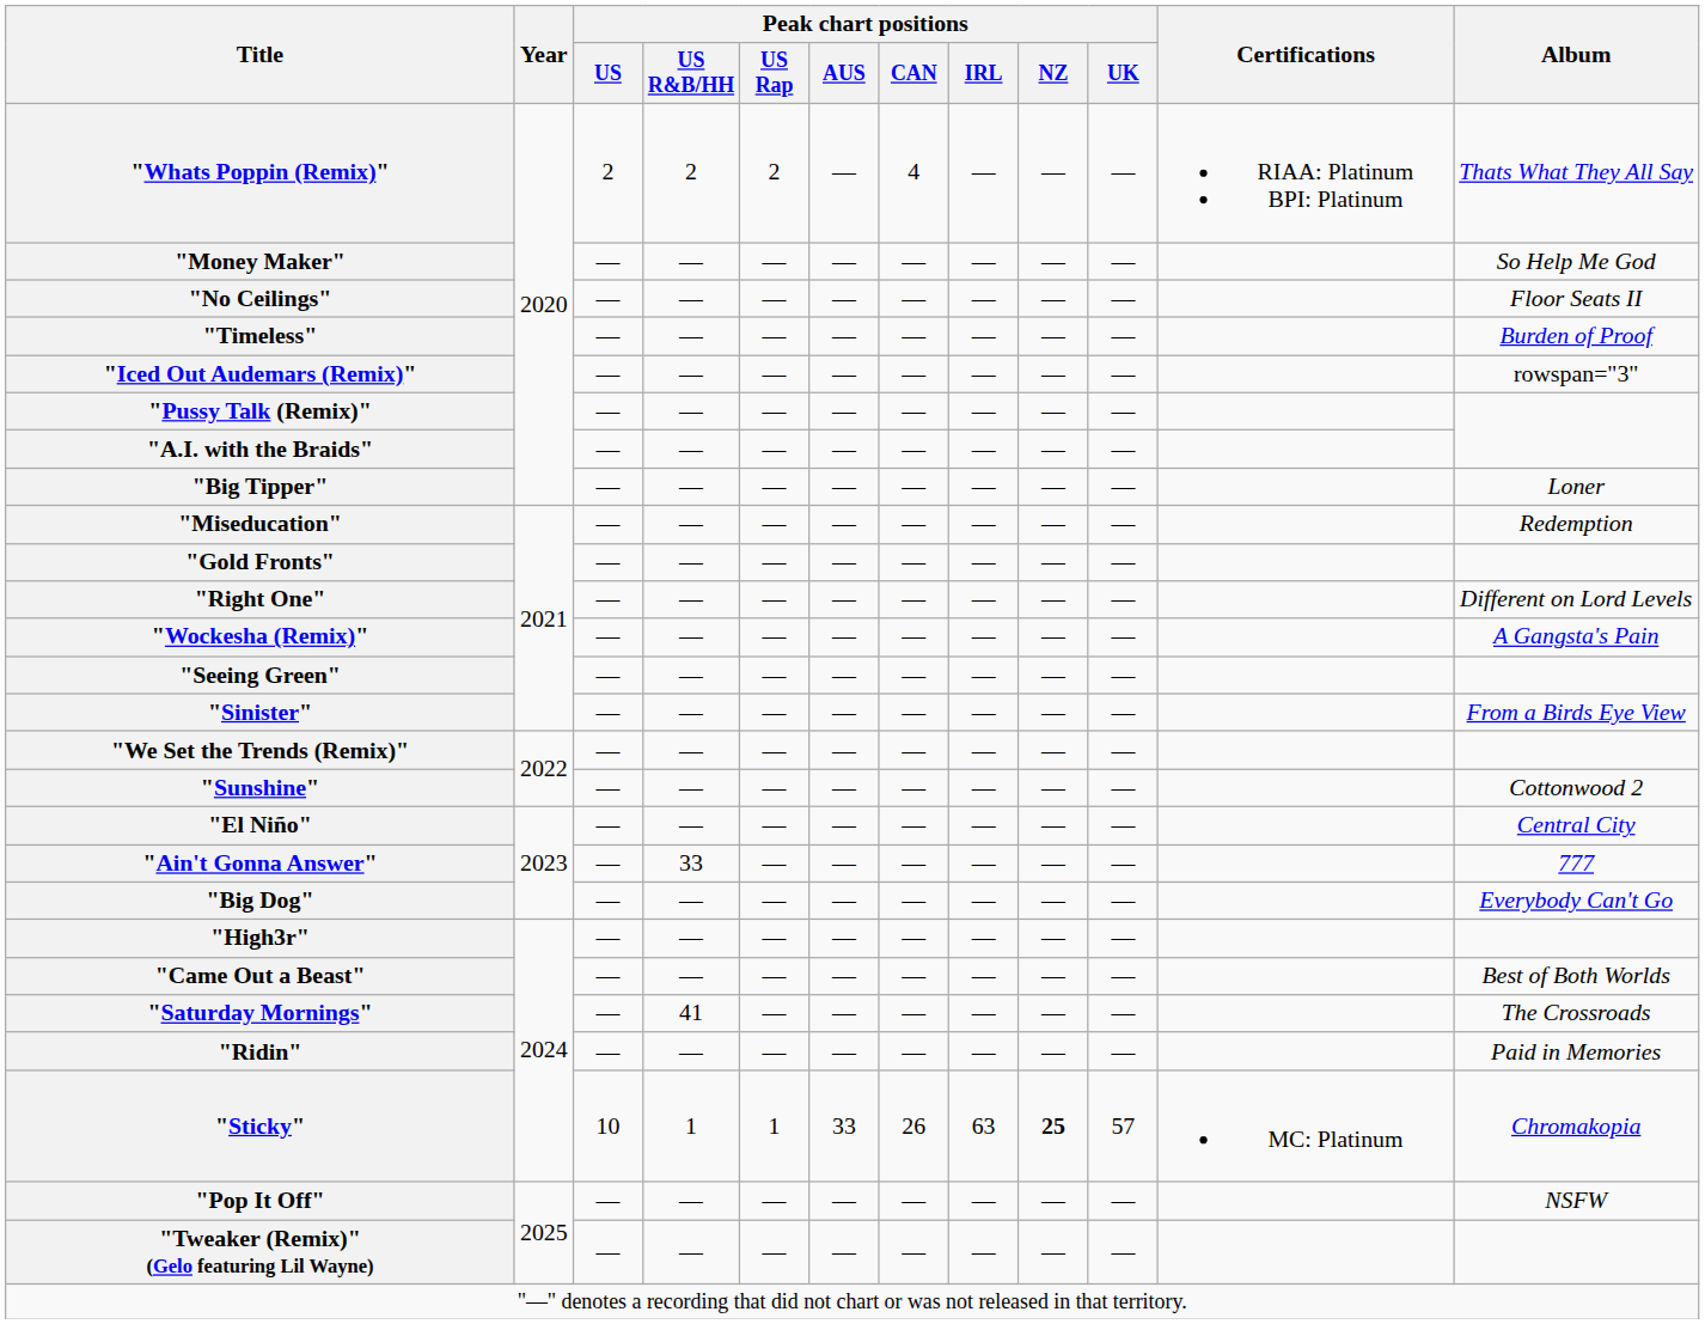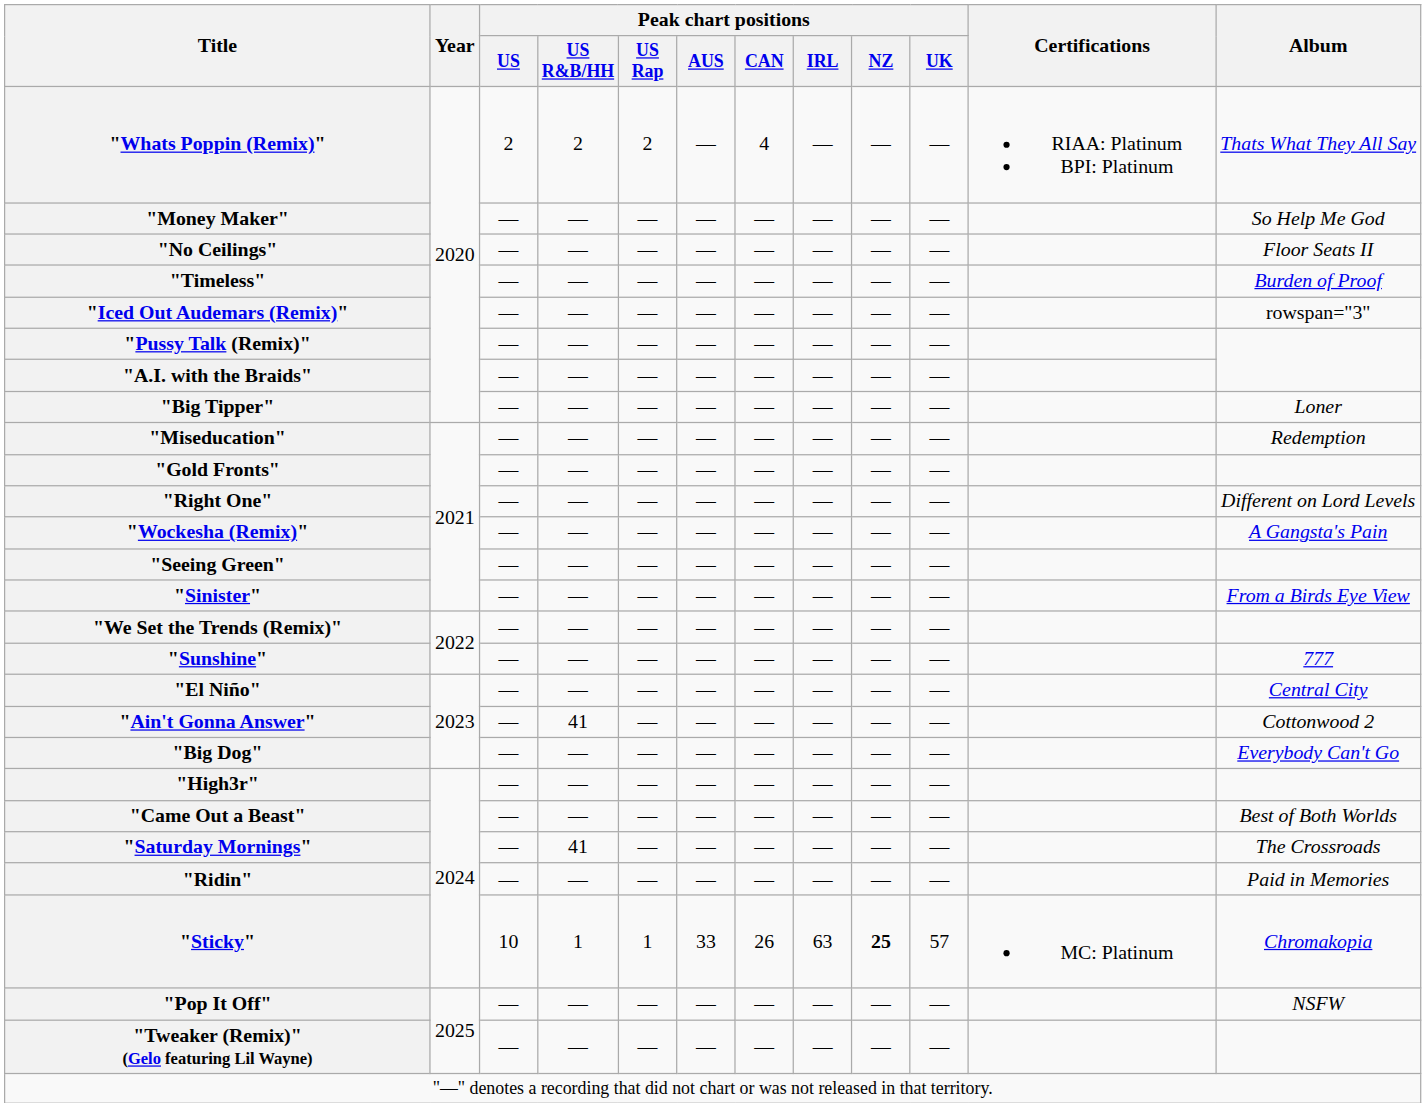 <table class="wikitable plainrowheaders" style="text-align:center;">
 <tr>
 <th scope="col" rowspan="2" style="width:21em;">Title</th>
 <th scope="col" rowspan="2">Year</th>
 <th scope="col" colspan="8">Peak chart positions</th>
 <th scope="col" rowspan="2" style="width:12em;">Certifications</th>
 <th scope="col" rowspan="2">Album</th>
 </tr>
 <tr>
 <th scope="col" style="width:2.8em;font-size:90%;"><a href='#'>US</a><br></th>
 <th scope="col" style="width:2.8em;font-size:90%;"><a href='#'>US<br>R&B/HH</a><br></th>
 <th scope="col" style="width:2.8em;font-size:90%;"><a href='#'>US<br>Rap</a><br></th>
 <th scope="col" style="width:2.8em;font-size:90%;"><a href='#'>AUS</a><br></th>
 <th scope="col" style="width:2.8em;font-size:90%;"><a href='#'>CAN</a><br></th>
 <th scope="col" style="width:2.8em;font-size:90%;"><a href='#'>IRL</a><br></th>
 <th scope="col" style="width:2.8em;font-size:90%;"><a href='#'>NZ</a><br></th>
 <th scope="col" style="width:2.8em;font-size:90%;"><a href='#'>UK</a><br></th>
 </tr>
 <tr>
 <th scope="row">"<a href='#'>Whats Poppin (Remix)</a>"<br></th>
 <td rowspan="8">2020</td>
 <td>2</td>
 <td>2</td>
 <td>2</td>
 <td>—</td>
 <td>4</td>
 <td>—</td>
 <td>—</td>
 <td>—</td>
 <td><br><ul><li>RIAA: Platinum</li><li>BPI: Platinum</li></ul></td>
 <td><em><a href='#'>Thats What They All Say</a></em></td>
 </tr>
 <tr>
 <th scope="row">"Money Maker"<br></th>
 <td>—</td>
 <td>—</td>
 <td>—</td>
 <td>—</td>
 <td>—</td>
 <td>—</td>
 <td>—</td>
 <td>—</td>
 <td></td>
 <td><em>So Help Me God</em></td>
 </tr>
 <tr>
 <th scope="row">"No Ceilings"<br></th>
 <td>—</td>
 <td>—</td>
 <td>—</td>
 <td>—</td>
 <td>—</td>
 <td>—</td>
 <td>—</td>
 <td>—</td>
 <td></td>
 <td><em>Floor Seats II</em></td>
 </tr>
 <tr>
 <th scope="row">"Timeless"<br></th>
 <td>—</td>
 <td>—</td>
 <td>—</td>
 <td>—</td>
 <td>—</td>
 <td>—</td>
 <td>—</td>
 <td>—</td>
 <td></td>
 <td><em><a href='#'>Burden of Proof</a></em></td>
 </tr>
 <tr>
 <th scope="row">"<a href='#'>Iced Out Audemars (Remix)</a>"<br></th>
 <td>—</td>
 <td>—</td>
 <td>—</td>
 <td>—</td>
 <td>—</td>
 <td>—</td>
 <td>—</td>
 <td>—</td>
 <td></td>
 <td>rowspan="3" </td>
 </tr>
 <tr>
 <th scope="row">"<a href='#'>Pussy Talk</a> (Remix)"<br></th>
 <td>—</td>
 <td>—</td>
 <td>—</td>
 <td>—</td>
 <td>—</td>
 <td>—</td>
 <td>—</td>
 <td>—</td>
 <td></td>
 </tr>
 <tr>
 <th scope="row">"A.I. with the Braids"<br></th>
 <td>—</td>
 <td>—</td>
 <td>—</td>
 <td>—</td>
 <td>—</td>
 <td>—</td>
 <td>—</td>
 <td>—</td>
 <td></td>
 </tr>
 <tr>
 <th scope="row">"Big Tipper"<br></th>
 <td>—</td>
 <td>—</td>
 <td>—</td>
 <td>—</td>
 <td>—</td>
 <td>—</td>
 <td>—</td>
 <td>—</td>
 <td></td>
 <td><em>Loner</em></td>
 </tr>
 <tr>
 <th scope="row">"Miseducation"<br></th>
 <td rowspan="6">2021</td>
 <td>—</td>
 <td>—</td>
 <td>—</td>
 <td>—</td>
 <td>—</td>
 <td>—</td>
 <td>—</td>
 <td>—</td>
 <td></td>
 <td><em>Redemption</em></td>
 </tr>
 <tr>
 <th scope="row">"Gold Fronts"<br></th>
 <td>—</td>
 <td>—</td>
 <td>—</td>
 <td>—</td>
 <td>—</td>
 <td>—</td>
 <td>—</td>
 <td>—</td>
 <td></td>
 <td></td>
 </tr>
 <tr>
 <th scope="row">"Right One"<br></th>
 <td>—</td>
 <td>—</td>
 <td>—</td>
 <td>—</td>
 <td>—</td>
 <td>—</td>
 <td>—</td>
 <td>—</td>
 <td></td>
 <td><em>Different on Lord Levels</em></td>
 </tr>
 <tr>
 <th scope="row">"<a href='#'>Wockesha (Remix)</a>"<br></th>
 <td>—</td>
 <td>—</td>
 <td>—</td>
 <td>—</td>
 <td>—</td>
 <td>—</td>
 <td>—</td>
 <td>—</td>
 <td></td>
 <td><em><a href='#'>A Gangsta's Pain</a></em></td>
 </tr>
 <tr>
 <th scope="row">"Seeing Green"<br></th>
 <td>—</td>
 <td>—</td>
 <td>—</td>
 <td>—</td>
 <td>—</td>
 <td>—</td>
 <td>—</td>
 <td>—</td>
 <td></td>
 <td></td>
 </tr>
 <tr>
 <th scope="row">"<a href='#'>Sinister</a>"<br></th>
 <td>—</td>
 <td>—</td>
 <td>—</td>
 <td>—</td>
 <td>—</td>
 <td>—</td>
 <td>—</td>
 <td>—</td>
 <td></td>
 <td><em><a href='#'>From a Birds Eye View</a></em></td>
 </tr>
 <tr>
 <th scope="row">"We Set the Trends (Remix)"<br></th>
 <td rowspan="2">2022</td>
 <td>—</td>
 <td>—</td>
 <td>—</td>
 <td>—</td>
 <td>—</td>
 <td>—</td>
 <td>—</td>
 <td>—</td>
 <td></td>
 <td></td>
 </tr>
 <tr>
 <th scope="row">"<a href='#'>Sunshine</a>"<br></th>
 <td>—</td>
 <td>—</td>
 <td>—</td>
 <td>—</td>
 <td>—</td>
 <td>—</td>
 <td>—</td>
 <td>—</td>
 <td></td>
-<td><em>Cottonwood 2</em></td>
+<td><em><a href='#'>777</a></em></td>
 </tr>
 <tr>
 <th scope="row">"El Niño"<br></th>
 <td rowspan="3">2023</td>
 <td>—</td>
 <td>—</td>
 <td>—</td>
 <td>—</td>
 <td>—</td>
 <td>—</td>
 <td>—</td>
 <td>—</td>
 <td></td>
 <td><em><a href='#'>Central City</a></em></td>
 </tr>
 <tr>
 <th scope="row">"<a href='#'>Ain't Gonna Answer</a>"<br></th>
 <td>—</td>
-<td>33</td>
+<td>41</td>
 <td>—</td>
 <td>—</td>
 <td>—</td>
 <td>—</td>
 <td>—</td>
 <td>—</td>
 <td></td>
-<td><em><a href='#'>777</a></em></td>
+<td><em>Cottonwood 2</em></td>
 </tr>
 <tr>
 <th scope="row">"Big Dog"<br></th>
 <td>—</td>
 <td>—</td>
 <td>—</td>
 <td>—</td>
 <td>—</td>
 <td>—</td>
 <td>—</td>
 <td>—</td>
 <td></td>
 <td><em><a href='#'>Everybody Can't Go</a></em></td>
 </tr>
 <tr>
 <th scope="row">"High3r"<br></th>
 <td rowspan="5">2024</td>
 <td>—</td>
 <td>—</td>
 <td>—</td>
 <td>—</td>
 <td>—</td>
 <td>—</td>
 <td>—</td>
 <td>—</td>
 <td></td>
 <td></td>
 </tr>
 <tr>
 <th scope="row">"Came Out a Beast"<br></th>
 <td>—</td>
 <td>—</td>
 <td>—</td>
 <td>—</td>
 <td>—</td>
 <td>—</td>
 <td>—</td>
 <td>—</td>
 <td></td>
 <td><em>Best of Both Worlds</em></td>
 </tr>
 <tr>
 <th scope="row">"<a href='#'>Saturday Mornings</a>"<br></th>
 <td>—</td>
 <td>41</td>
 <td>—</td>
 <td>—</td>
 <td>—</td>
 <td>—</td>
 <td>—</td>
 <td>—</td>
 <td></td>
 <td><em>The Crossroads</em></td>
 </tr>
 <tr>
 <th scope="row">"Ridin"<br></th>
 <td>—</td>
 <td>—</td>
 <td>—</td>
 <td>—</td>
 <td>—</td>
 <td>—</td>
 <td>—</td>
 <td>—</td>
 <td></td>
 <td><em>Paid in Memories</em></td>
 </tr>
 <tr>
 <th scope="row">"<a href='#'>Sticky</a>"<br></th>
 <td>10</td>
 <td>1</td>
 <td>1</td>
 <td>33</td>
 <td>26</td>
 <td>63</td>
 <td><strong>25</strong></td>
 <td>57</td>
 <td><br><ul><li>MC: Platinum</li></ul></td>
 <td><em><a href='#'>Chromakopia</a></em></td>
 </tr>
 <tr>
 <th scope="row">"Pop It Off"<br></th>
 <td rowspan="2">2025</td>
 <td>—</td>
 <td>—</td>
 <td>—</td>
 <td>—</td>
 <td>—</td>
 <td>—</td>
 <td>—</td>
 <td>—</td>
 <td></td>
 <td><em>NSFW</em></td>
 </tr>
 <tr>
 <th scope="row">"Tweaker (Remix)"<br><small>(<a href='#'>Gelo</a> featuring Lil Wayne)</small></th>
 <td>—</td>
 <td>—</td>
 <td>—</td>
 <td>—</td>
 <td>—</td>
 <td>—</td>
 <td>—</td>
 <td>—</td>
 <td></td>
 <td></td>
 </tr>
 <tr>
 <td colspan="14" style="font-size:90%">"—" denotes a recording that did not chart or was not released in that territory.</td>
 </tr>
 </table>
